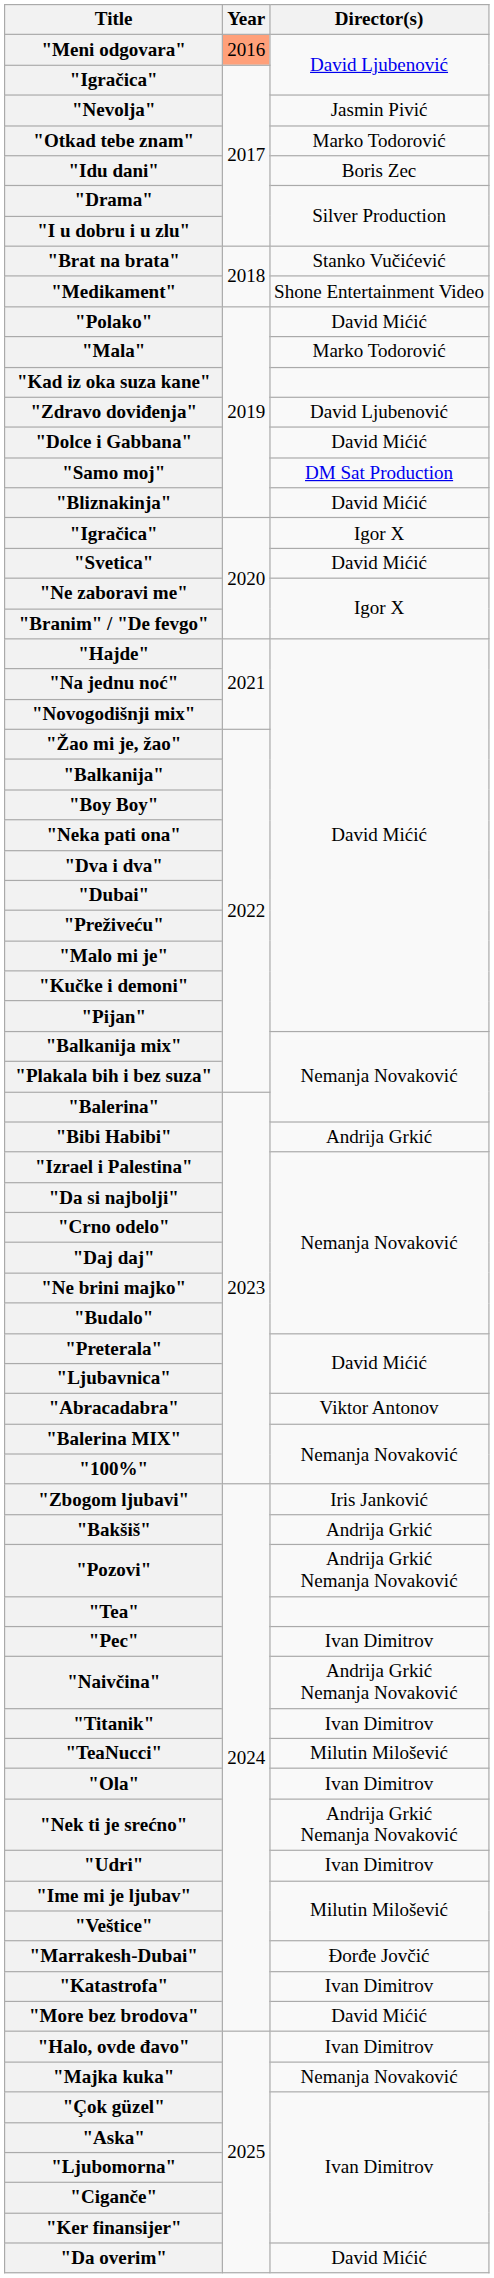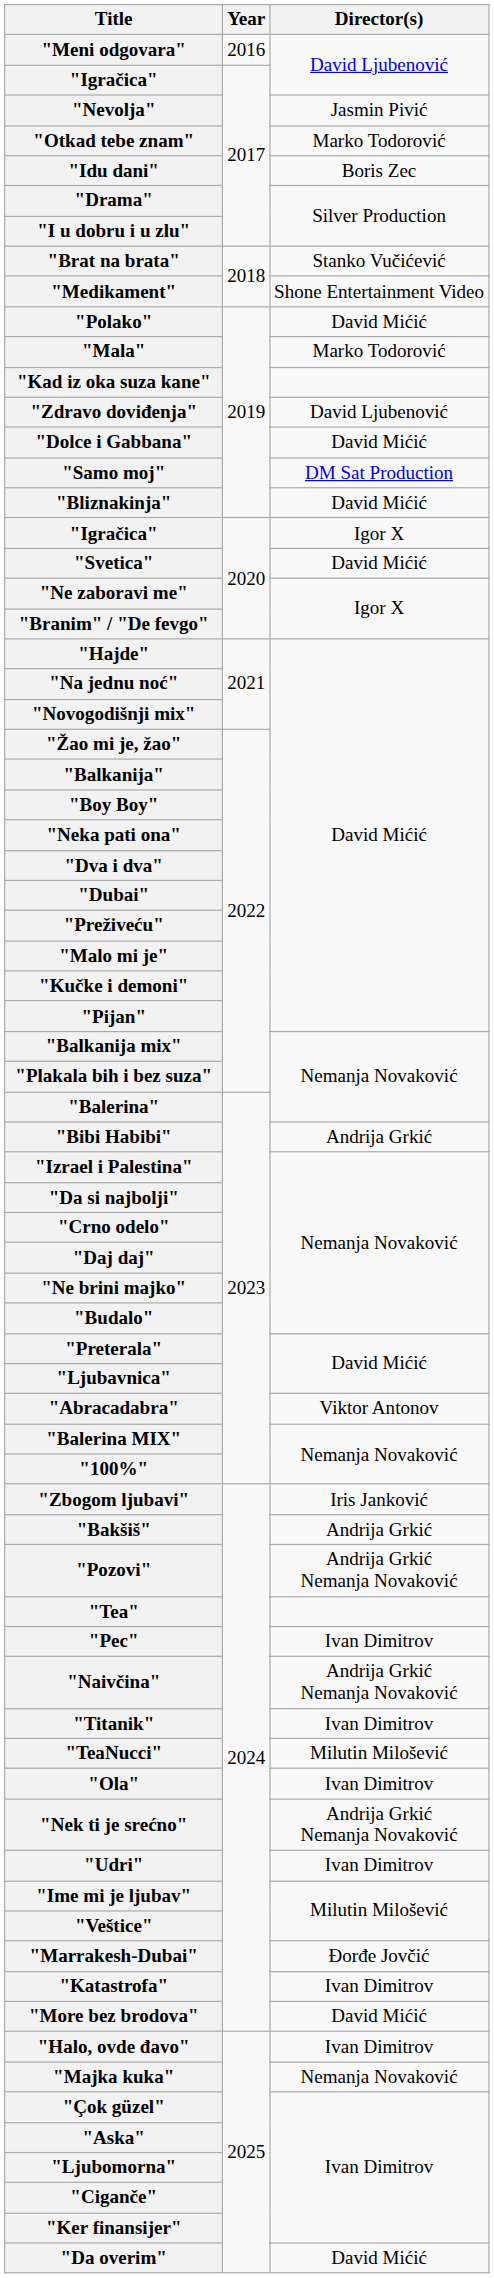 <table class="wikitable plainrowheaders" style="text-align:center;">
 <tr>
 <th scope="col" style="width:11em;">Title</th>
 <th scope="col">Year</th>
 <th scope="col">Director(s)</th>
 </tr>
 <tr>
 <th scope="row">"Meni odgovara"</th>
-<td style="background: lightsalmon;">2016</td>
+<td>2016</td>
 <td rowspan="2"><a href='#'>David Ljubenović</a></td>
 </tr>
 <tr>
 <th scope="row">"Igračica"</th>
 <td rowspan="6">2017</td>
 </tr>
 <tr>
 <th scope="row">"Nevolja"</th>
 <td>Jasmin Pivić</td>
 </tr>
 <tr>
 <th scope="row">"Otkad tebe znam"<br></th>
 <td>Marko Todorović</td>
 </tr>
 <tr>
 <th scope="row">"Idu dani"<br></th>
 <td>Boris Zec</td>
 </tr>
 <tr>
 <th scope="row">"Drama"<br></th>
 <td rowspan="2">Silver Production</td>
 </tr>
 <tr>
 <th scope="row">"I u dobru i u zlu"</th>
 </tr>
 <tr>
 <th scope="row">"Brat na brata"<br></th>
 <td rowspan="2">2018</td>
 <td>Stanko Vučićević</td>
 </tr>
 <tr>
 <th scope="row">"Medikament"<br></th>
 <td>Shone Entertainment Video</td>
 </tr>
 <tr>
 <th scope="row">"Polako"</th>
 <td rowspan="7">2019</td>
 <td>David Mićić</td>
 </tr>
 <tr>
 <th scope="row">"Mala"<br></th>
 <td>Marko Todorović</td>
 </tr>
 <tr>
 <th scope="row">"Kad iz oka suza kane"<br></th>
 <td></td>
 </tr>
 <tr>
 <th scope="row">"Zdravo doviđenja"<br></th>
 <td>David Ljubenović</td>
 </tr>
 <tr>
 <th scope="row">"Dolce i Gabbana"</th>
 <td>David Mićić</td>
 </tr>
 <tr>
 <th scope="row">"Samo moj"<br></th>
 <td><a href='#'>DM Sat Production</a></td>
 </tr>
 <tr>
 <th scope="row">"Bliznakinja"</th>
 <td>David Mićić</td>
 </tr>
 <tr>
 <th scope="row">"Igračica"<br></th>
 <td rowspan="4">2020</td>
 <td>Igor X</td>
 </tr>
 <tr>
 <th scope="row">"Svetica"</th>
 <td>David Mićić</td>
 </tr>
 <tr>
 <th scope="row">"Ne zaboravi me"<br></th>
 <td rowspan="2">Igor X</td>
 </tr>
 <tr>
 <th scope="row">"Branim" / "De fevgo"<br></th>
 </tr>
 <tr>
 <th scope="row">"Hajde"</th>
 <td rowspan="3">2021</td>
 <td rowspan="13">David Mićić</td>
 </tr>
 <tr>
 <th scope="row">"Na jednu noć"</th>
 </tr>
 <tr>
 <th scope="row">"Novogodišnji mix"</th>
 </tr>
 <tr>
 <th scope="row">"Žao mi je, žao"<br></th>
 <td rowspan="12">2022</td>
 </tr>
 <tr>
 <th scope="row">"Balkanija"</th>
 </tr>
 <tr>
 <th scope="row">"Boy Boy"</th>
 </tr>
 <tr>
 <th scope="row">"Neka pati ona"</th>
 </tr>
 <tr>
 <th scope="row">"Dva i dva"</th>
 </tr>
 <tr>
 <th scope="row">"Dubai"</th>
 </tr>
 <tr>
 <th scope="row">"Preživeću"</th>
 </tr>
 <tr>
 <th scope="row">"Malo mi je"</th>
 </tr>
 <tr>
 <th scope="row">"Kučke i demoni"</th>
 </tr>
 <tr>
 <th scope="row">"Pijan"</th>
 </tr>
 <tr>
 <th scope="row">"Balkanija mix"</th>
 <td rowspan="3">Nemanja Novaković</td>
 </tr>
 <tr>
 <th scope="row">"Plakala bih i bez suza"<br></th>
 </tr>
 <tr>
 <th scope="row">"Balerina"<br></th>
 <td rowspan="13">2023</td>
 </tr>
 <tr>
 <th scope="row">"Bibi Habibi"</th>
 <td>Andrija Grkić</td>
 </tr>
 <tr>
 <th scope="row">"Izrael i Palestina"</th>
 <td rowspan="6">Nemanja Novaković</td>
 </tr>
 <tr>
 <th scope="row">"Da si najbolji"</th>
 </tr>
 <tr>
 <th scope="row">"Crno odelo"</th>
 </tr>
 <tr>
 <th scope="row">"Daj daj"</th>
 </tr>
 <tr>
 <th scope="row">"Ne brini majko"</th>
 </tr>
 <tr>
 <th scope="row">"Budalo"</th>
 </tr>
 <tr>
 <th scope="row">"Preterala"</th>
 <td rowspan="2">David Mićić</td>
 </tr>
 <tr>
 <th scope="row">"Ljubavnica"</th>
 </tr>
 <tr>
 <th scope="row">"Abracadabra"<br></th>
 <td>Viktor Antonov</td>
 </tr>
 <tr>
 <th scope="row">"Balerina MIX"</th>
 <td rowspan="2">Nemanja Novaković</td>
 </tr>
 <tr>
 <th scope="row">"100%"</th>
 </tr>
 <tr>
 <th scope="row">"Zbogom ljubavi"</th>
 <td rowspan="16">2024</td>
 <td>Iris Janković</td>
 </tr>
 <tr>
 <th scope="row">"Bakšiš"</th>
 <td>Andrija Grkić</td>
 </tr>
 <tr>
 <th scope="row">"Pozovi"</th>
 <td>Andrija Grkić<br>Nemanja Novaković</td>
 </tr>
 <tr>
 <th scope="row">"Tea"</th>
 <td></td>
 </tr>
 <tr>
 <th scope="row">"Pec"</th>
 <td>Ivan Dimitrov</td>
 </tr>
 <tr>
 <th scope="row">"Naivčina"</th>
 <td>Andrija Grkić<br>Nemanja Novaković</td>
 </tr>
 <tr>
 <th scope="row">"Titanik"</th>
 <td>Ivan Dimitrov</td>
 </tr>
 <tr>
 <th scope="row">"TeaNucci"<br></th>
 <td>Milutin Milošević</td>
 </tr>
 <tr>
 <th scope="row">"Ola"</th>
 <td>Ivan Dimitrov</td>
 </tr>
 <tr>
 <th scope="row">"Nek ti je srećno"</th>
 <td>Andrija Grkić<br>Nemanja Novaković</td>
 </tr>
 <tr>
 <th scope="row">"Udri"</th>
 <td>Ivan Dimitrov</td>
 </tr>
 <tr>
 <th scope="row">"Ime mi je ljubav"</th>
 <td rowspan="2">Milutin Milošević</td>
 </tr>
 <tr>
 <th scope="row">"Veštice"</th>
 </tr>
 <tr>
 <th scope="row">"Marrakesh-Dubai"<br></th>
 <td>Đorđe Jovčić</td>
 </tr>
 <tr>
 <th scope="row">"Katastrofa"<br></th>
 <td>Ivan Dimitrov</td>
 </tr>
 <tr>
 <th scope="row">"More bez brodova"</th>
 <td>David Mićić</td>
 </tr>
 <tr>
 <th scope="row">"Halo, ovde đavo"</th>
 <td rowspan="8">2025</td>
 <td>Ivan Dimitrov</td>
 </tr>
 <tr>
 <th scope="row">"Majka kuka"</th>
 <td>Nemanja Novaković</td>
 </tr>
 <tr>
 <th scope="row">"Çok güzel"</th>
 <td rowspan="5">Ivan Dimitrov</td>
 </tr>
 <tr>
 <th scope="row">"Aska"</th>
 </tr>
 <tr>
 <th scope="row">"Ljubomorna"</th>
 </tr>
 <tr>
 <th scope="row">"Ciganče"</th>
 </tr>
 <tr>
 <th scope="row">"Ker finansijer"</th>
 </tr>
 <tr>
 <th scope="row">"Da overim"</th>
 <td>David Mićić</td>
 </tr>
 </table>
